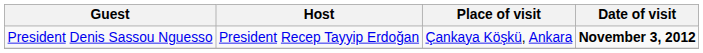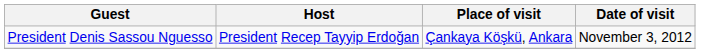 <table class="wikitable" border="1">
 <tr>
 <th>Guest</th>
 <th>Host</th>
 <th>Place of visit</th>
 <th>Date of visit</th>
 </tr>
 <tr>
 <td> <a href='#'>President</a> <a href='#'>Denis Sassou Nguesso</a></td>
 <td> <a href='#'>President</a> <a href='#'>Recep Tayyip Erdoğan</a></td>
 <td><a href='#'>Çankaya Köşkü</a>, <a href='#'>Ankara</a></td>
-<td><strong>November 3, 2012</strong></td>
+<td>November 3, 2012</td>
 </tr>
 <tr>
 </tr>
 </table>
